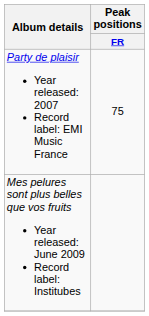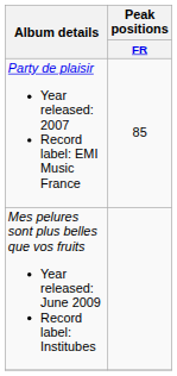 <table class="wikitable">
 <tr>
 <th align="center" rowspan="2" width="120">Album details</th>
 <th align="center" colspan="1" width="20">Peak positions</th>
 </tr>
 <tr>
 <th scope="col" style="width:3em;font-size:90%;"><a href='#'>FR</a><br></th>
 </tr>
 <tr>
 <td><em><a href='#'>Party de plaisir</a></em><br><ul><li>Year released: 2007</li><li>Record label: EMI Music France</li></ul></td>
-<td style="text-align:center;">75</td>
+<td style="text-align:center;">85</td>
 </tr>
 <tr>
 <td><em>Mes pelures sont plus belles que vos fruits</em><br><ul><li>Year released: June 2009</li><li>Record label: Institubes</li></ul></td>
 <td style="text-align:center;"></td>
 </tr>
 <tr>
 </tr>
 </table>
